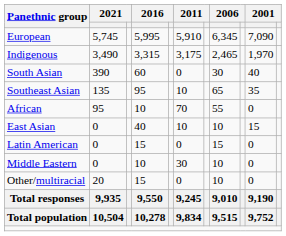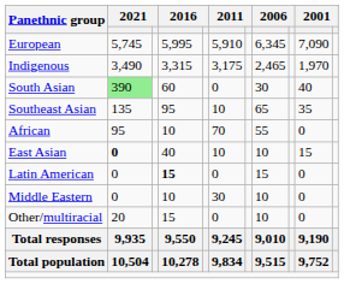 <table class="wikitable collapsible sortable">
 <tr>
 <th rowspan="2"><a href='#'>Panethnic</a> group</th>
 <th colspan="2">2021</th>
 <th colspan="2">2016</th>
 <th colspan="2">2011</th>
 <th colspan="2">2006</th>
 <th colspan="2">2001</th>
 </tr>
 <tr>
 <th><a href='#'></a></th>
 <th></th>
 <th></th>
 <th></th>
 <th></th>
 <th></th>
 <th></th>
 <th></th>
 <th></th>
 <th></th>
 </tr>
 <tr>
 <td><a href='#'>European</a></td>
 <td>5,745</td>
 <td></td>
 <td>5,995</td>
 <td></td>
 <td>5,910</td>
 <td></td>
 <td>6,345</td>
 <td></td>
 <td>7,090</td>
 <td></td>
 </tr>
 <tr>
 <td><a href='#'>Indigenous</a></td>
 <td>3,490</td>
 <td></td>
 <td>3,315</td>
 <td></td>
 <td>3,175</td>
 <td></td>
 <td>2,465</td>
 <td></td>
 <td>1,970</td>
 <td></td>
 </tr>
 <tr>
 <td><a href='#'>South Asian</a></td>
-<td>390</td>
+<td style="background: lightgreen;">390</td>
 <td></td>
 <td>60</td>
 <td></td>
 <td>0</td>
 <td></td>
 <td>30</td>
 <td></td>
 <td>40</td>
 <td></td>
 </tr>
 <tr>
 <td><a href='#'>Southeast Asian</a></td>
 <td>135</td>
 <td></td>
 <td>95</td>
 <td></td>
 <td>10</td>
 <td></td>
 <td>65</td>
 <td></td>
 <td>35</td>
 <td></td>
 </tr>
 <tr>
 <td><a href='#'>African</a></td>
 <td>95</td>
 <td></td>
 <td>10</td>
 <td></td>
 <td>70</td>
 <td></td>
 <td>55</td>
 <td></td>
 <td>0</td>
 <td></td>
 </tr>
 <tr>
 <td><a href='#'>East Asian</a></td>
-<td>0</td>
+<td><strong>0</strong></td>
 <td></td>
 <td>40</td>
 <td></td>
 <td>10</td>
 <td></td>
 <td>10</td>
 <td></td>
 <td>15</td>
 <td></td>
 </tr>
 <tr>
 <td><a href='#'>Latin American</a></td>
 <td>0</td>
 <td></td>
-<td>15</td>
+<td><strong>15</strong></td>
 <td></td>
 <td>0</td>
 <td></td>
 <td>15</td>
 <td></td>
 <td>0</td>
 <td></td>
 </tr>
 <tr>
 <td><a href='#'>Middle Eastern</a></td>
 <td>0</td>
 <td></td>
 <td>10</td>
 <td></td>
 <td>30</td>
 <td></td>
 <td>10</td>
 <td></td>
 <td>0</td>
 <td></td>
 </tr>
 <tr>
 <td>Other/<a href='#'>multiracial</a></td>
 <td>20</td>
 <td></td>
 <td>15</td>
 <td></td>
 <td>0</td>
 <td></td>
 <td>10</td>
 <td></td>
 <td>0</td>
 <td></td>
 </tr>
 <tr>
 <th>Total responses</th>
 <th>9,935</th>
 <th></th>
 <th>9,550</th>
 <th></th>
 <th>9,245</th>
 <th></th>
 <th>9,010</th>
 <th></th>
 <th>9,190</th>
 <th></th>
 </tr>
 <tr class="sortbottom">
 <th>Total population</th>
 <th>10,504</th>
 <th></th>
 <th>10,278</th>
 <th></th>
 <th>9,834</th>
 <th></th>
 <th>9,515</th>
 <th></th>
 <th>9,752</th>
 <th></th>
 </tr>
 <tr class="sortbottom">
 <td colspan="11"></td>
 </tr>
 </table>
